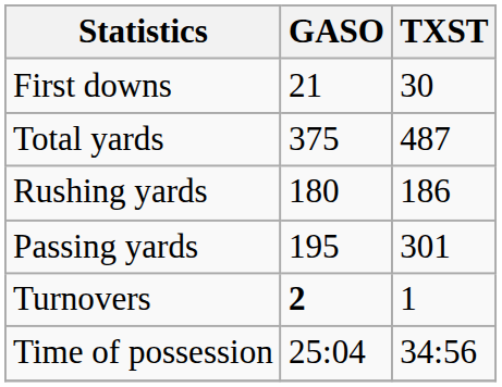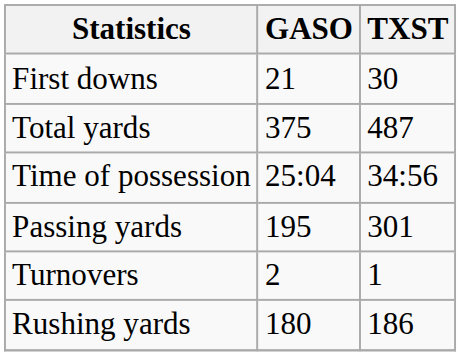 <table class="wikitable" style="float: left;">
 <tr>
 <th>Statistics</th>
 <th>GASO</th>
 <th>TXST</th>
 </tr>
 <tr>
 <td>First downs</td>
 <td>21</td>
 <td>30</td>
 </tr>
 <tr>
 <td>Total yards</td>
 <td>375</td>
 <td>487</td>
 </tr>
 <tr>
-<td>Rushing yards</td>
-<td>180</td>
-<td>186</td>
+<td>Time of possession</td>
+<td>25:04</td>
+<td>34:56</td>
 </tr>
 <tr>
 <td>Passing yards</td>
 <td>195</td>
 <td>301</td>
 </tr>
 <tr>
 <td>Turnovers</td>
-<td><strong>2</strong></td>
+<td>2</td>
 <td>1</td>
 </tr>
 <tr>
-<td>Time of possession</td>
-<td>25:04</td>
-<td>34:56</td>
+<td>Rushing yards</td>
+<td>180</td>
+<td>186</td>
 </tr>
 <tr>
 </tr>
 </table>
